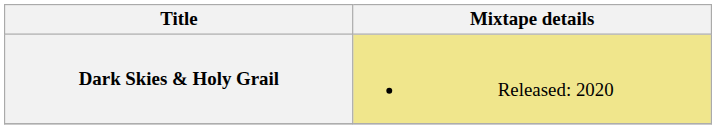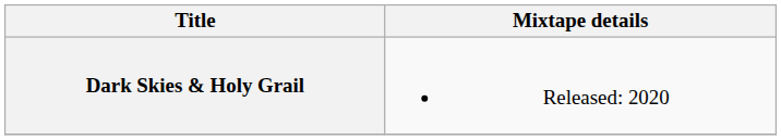 <table class="wikitable plainrowheaders" style="text-align:center;">
 <tr>
 <th scope="col" style="width:18em;">Title</th>
 <th scope="col" style="width:18.5em;">Mixtape details</th>
 </tr>
 <tr>
 <th scope="row">Dark Skies & Holy Grail</th>
-<td style="background: khaki;"><br><ul><li>Released: 2020</li></ul></td>
+<td><br><ul><li>Released: 2020</li></ul></td>
 </tr>
 <tr>
 </tr>
 </table>
